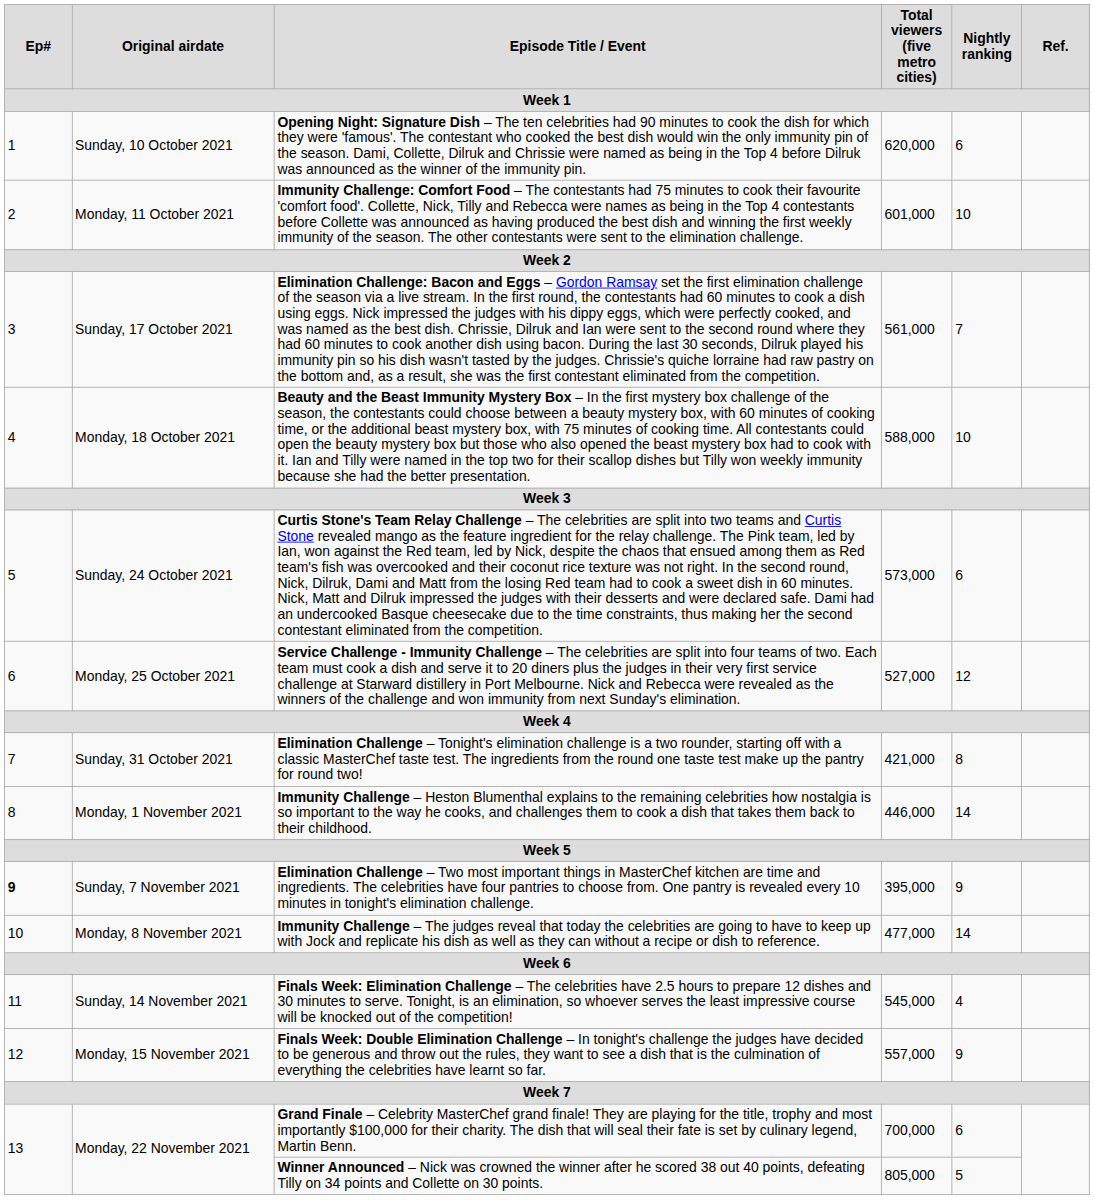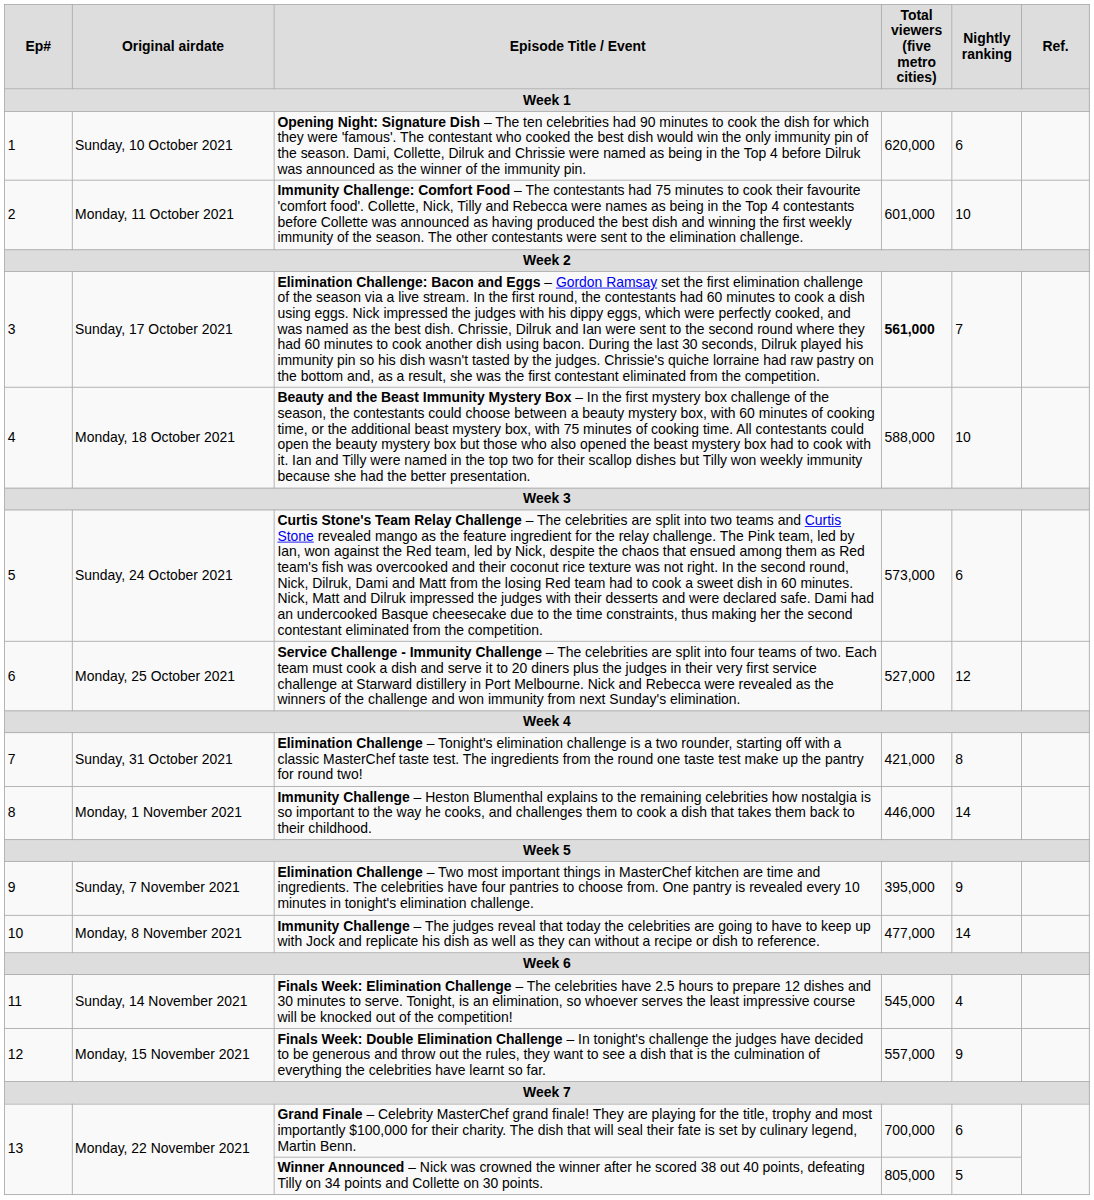 <table class="wikitable">
 <tr>
 <th style="background:#ddd; width:5%">Ep#</th>
 <th style="background:#ddd; width:15%">Original airdate</th>
 <th style="background:#ddd; width:45%">Episode Title / Event</th>
 <th style="background:#ddd; width:5%">Total viewers (five metro cities)</th>
 <th style="background:#ddd; width:5%">Nightly ranking</th>
 <th style="background:#ddd; width:5%">Ref.</th>
 </tr>
 <tr>
 <th colspan="6" style="background:#ddd">Week 1</th>
 </tr>
 <tr>
 <td style="height:10px">1</td>
 <td>Sunday, 10 October 2021</td>
 <td><strong>Opening Night: Signature Dish</strong> – The ten celebrities had 90 minutes to cook the dish for which they were 'famous'. The contestant who cooked the best dish would win the only immunity pin of the season. Dami, Collette, Dilruk and Chrissie were named as being in the Top 4 before Dilruk was announced as the winner of the immunity pin.</td>
 <td>620,000</td>
 <td>6</td>
 <td></td>
 </tr>
 <tr>
 <td style="height:10px">2</td>
 <td>Monday, 11 October 2021</td>
 <td><strong>Immunity Challenge: Comfort Food</strong> – The contestants had 75 minutes to cook their favourite 'comfort food'. Collette, Nick, Tilly and Rebecca were names as being in the Top 4 contestants before Collette was announced as having produced the best dish and winning the first weekly immunity of the season. The other contestants were sent to the elimination challenge.</td>
 <td>601,000</td>
 <td>10</td>
 <td></td>
 </tr>
 <tr>
 <th colspan="6" style="background:#ddd">Week 2</th>
 </tr>
 <tr>
 <td style="height:10px">3</td>
 <td>Sunday, 17 October 2021</td>
 <td><strong>Elimination Challenge: Bacon and Eggs</strong> – <a href='#'>Gordon Ramsay</a> set the first elimination challenge of the season via a live stream. In the first round, the contestants had 60 minutes to cook a dish using eggs. Nick impressed the judges with his dippy eggs, which were perfectly cooked, and was named as the best dish. Chrissie, Dilruk and Ian were sent to the second round where they had 60 minutes to cook another dish using bacon. During the last 30 seconds, Dilruk played his immunity pin so his dish wasn't tasted by the judges. Chrissie's quiche lorraine had raw pastry on the bottom and, as a result, she was the first contestant eliminated from the competition.</td>
-<td>561,000</td>
+<td><strong>561,000</strong></td>
 <td>7</td>
 <td></td>
 </tr>
 <tr>
 <td style="height:10px">4</td>
 <td>Monday, 18 October 2021</td>
 <td><strong>Beauty and the Beast Immunity Mystery Box</strong> – In the first mystery box challenge of the season, the contestants could choose between a beauty mystery box, with 60 minutes of cooking time, or the additional beast mystery box, with 75 minutes of cooking time. All contestants could open the beauty mystery box but those who also opened the beast mystery box had to cook with it. Ian and Tilly were named in the top two for their scallop dishes but Tilly won weekly immunity because she had the better presentation.</td>
 <td>588,000</td>
 <td>10</td>
 <td></td>
 </tr>
 <tr>
 <th colspan="6" style="background:#ddd">Week 3</th>
 </tr>
 <tr>
 <td style="height:10px">5</td>
 <td>Sunday, 24 October 2021</td>
 <td><strong>Curtis Stone's Team Relay Challenge</strong> – The celebrities are split into two teams and <a href='#'>Curtis Stone</a> revealed mango as the feature ingredient for the relay challenge. The Pink team, led by Ian, won against the Red team, led by Nick, despite the chaos that ensued among them as Red team's fish was overcooked and their coconut rice texture was not right. In the second round, Nick, Dilruk, Dami and Matt from the losing Red team had to cook a sweet dish in 60 minutes. Nick, Matt and Dilruk impressed the judges with their desserts and were declared safe. Dami had an undercooked Basque cheesecake due to the time constraints, thus making her the second contestant eliminated from the competition.</td>
 <td>573,000</td>
 <td>6</td>
 <td></td>
 </tr>
 <tr>
 <td style="height:10px">6</td>
 <td>Monday, 25 October 2021</td>
 <td><strong>Service Challenge - Immunity Challenge</strong> – The celebrities are split into four teams of two. Each team must cook a dish and serve it to 20 diners plus the judges in their very first service challenge at Starward distillery in Port Melbourne. Nick and Rebecca were revealed as the winners of the challenge and won immunity from next Sunday's elimination.</td>
 <td>527,000</td>
 <td>12</td>
 <td></td>
 </tr>
 <tr>
 <th colspan="6" style="background:#ddd">Week 4</th>
 </tr>
 <tr>
 <td style="height:10px">7</td>
 <td>Sunday, 31 October 2021</td>
 <td><strong>Elimination Challenge</strong> – Tonight's elimination challenge is a two rounder, starting off with a classic MasterChef taste test. The ingredients from the round one taste test make up the pantry for round two!</td>
 <td>421,000</td>
 <td>8</td>
 <td></td>
 </tr>
 <tr>
 <td style="height:10px">8</td>
 <td>Monday, 1 November 2021</td>
 <td><strong>Immunity Challenge</strong> – Heston Blumenthal explains to the remaining celebrities how nostalgia is so important to the way he cooks, and challenges them to cook a dish that takes them back to their childhood.</td>
 <td>446,000</td>
 <td>14</td>
 <td></td>
 </tr>
 <tr>
 <th colspan="6" style="background:#ddd">Week 5</th>
 </tr>
 <tr>
-<td style="height:10px"><strong>9</strong></td>
+<td style="height:10px">9</td>
 <td>Sunday, 7 November 2021</td>
 <td><strong>Elimination Challenge</strong> – Two most important things in MasterChef kitchen are time and ingredients. The celebrities have four pantries to choose from. One pantry is revealed every 10 minutes in tonight's elimination challenge.</td>
 <td>395,000</td>
 <td>9</td>
 <td></td>
 </tr>
 <tr>
 <td style="height:10px">10</td>
 <td>Monday, 8 November 2021</td>
 <td><strong>Immunity Challenge</strong> – The judges reveal that today the celebrities are going to have to keep up with Jock and replicate his dish as well as they can without a recipe or dish to reference.</td>
 <td>477,000</td>
 <td>14</td>
 <td></td>
 </tr>
 <tr>
 <th colspan="6" style="background:#ddd">Week 6</th>
 </tr>
 <tr>
 <td style="height:10px">11</td>
 <td>Sunday, 14 November 2021</td>
 <td><strong>Finals Week: Elimination Challenge</strong> – The celebrities have 2.5 hours to prepare 12 dishes and 30 minutes to serve. Tonight, is an elimination, so whoever serves the least impressive course will be knocked out of the competition!</td>
 <td>545,000</td>
 <td>4</td>
 <td></td>
 </tr>
 <tr>
 <td style="height:10px">12</td>
 <td>Monday, 15 November 2021</td>
 <td><strong>Finals Week: Double Elimination Challenge</strong> – In tonight's challenge the judges have decided to be generous and throw out the rules, they want to see a dish that is the culmination of everything the celebrities have learnt so far.</td>
 <td>557,000</td>
 <td>9</td>
 <td></td>
 </tr>
 <tr>
 <th colspan="6" style="background:#ddd">Week 7</th>
 </tr>
 <tr>
 <td rowspan=2 style="height:10px">13</td>
 <td rowspan=2>Monday, 22 November 2021</td>
 <td><strong>Grand Finale</strong> – Celebrity MasterChef grand finale! They are playing for the title, trophy and most importantly $100,000 for their charity. The dish that will seal their fate is set by culinary legend, Martin Benn.</td>
 <td>700,000</td>
 <td>6</td>
 <td rowspan=2></td>
 </tr>
 <tr>
 <td><strong>Winner Announced</strong> – Nick was crowned the winner after he scored 38 out 40 points, defeating Tilly on 34 points and Collette on 30 points.</td>
 <td>805,000</td>
 <td>5</td>
 </tr>
 </table>
